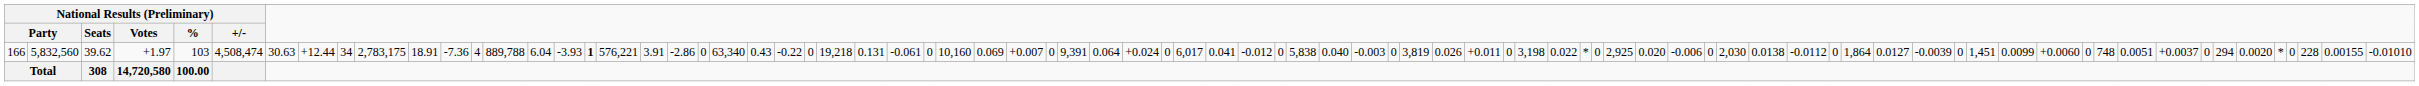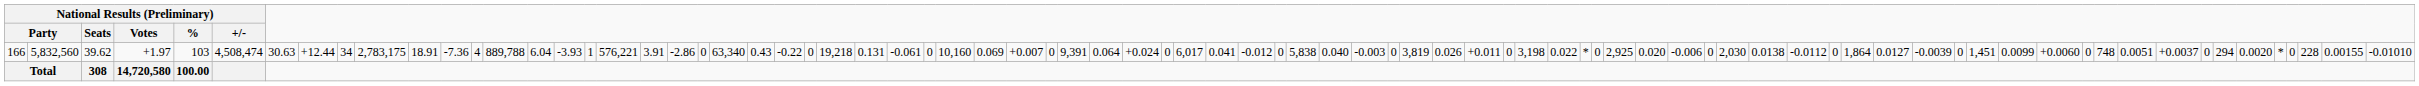 <table class="wikitable">
 <tr>
 <th colspan=6>National Results (Preliminary)</th>
 </tr>
 <tr>
 <th colspan=2>Party</th>
 <th>Seats</th>
 <th>Votes</th>
 <th>%</th>
 <th>+/-</th>
 </tr>
 <tr>
 <td align="right">166</td>
 <td align="right">5,832,560</td>
 <td align="right">39.62</td>
 <td align="right">+1.97<br></td>
 <td align="right">103</td>
 <td align="right">4,508,474</td>
 <td align="right">30.63</td>
 <td align="right">+12.44<br></td>
 <td align="right">34</td>
 <td align="right">2,783,175</td>
 <td align="right">18.91</td>
 <td align="right">-7.36<br></td>
 <td align="right">4</td>
 <td align="right">889,788</td>
 <td align="right">6.04</td>
 <td align="right">-3.93<br></td>
-<td align="right"><strong>1</strong></td>
+<td align="right">1</td>
 <td align="right">576,221</td>
 <td align="right">3.91</td>
 <td align="right">-2.86<br></td>
 <td align="right">0</td>
 <td align="right">63,340</td>
 <td align="right">0.43</td>
 <td align="right">-0.22<br></td>
 <td align="right">0</td>
 <td align="right">19,218</td>
 <td align="right">0.131</td>
 <td align="right">-0.061<br></td>
 <td align="right">0</td>
 <td align="right">10,160</td>
 <td align="right">0.069</td>
 <td align="right">+0.007<br></td>
 <td align="right">0</td>
 <td align="right">9,391</td>
 <td align="right">0.064</td>
 <td align="right">+0.024<br></td>
 <td align="right">0</td>
 <td align="right">6,017</td>
 <td align="right">0.041</td>
 <td align="right">-0.012<br></td>
 <td align="right">0</td>
 <td align="right">5,838</td>
 <td align="right">0.040</td>
 <td align="right">-0.003<br></td>
 <td align="right">0</td>
 <td align="right">3,819</td>
 <td align="right">0.026</td>
 <td align="right">+0.011<br></td>
 <td align="right">0</td>
 <td align="right">3,198</td>
 <td align="right">0.022</td>
 <td align="right">*<br></td>
 <td align="right">0</td>
 <td align="right">2,925</td>
 <td align="right">0.020</td>
 <td align="right">-0.006<br></td>
 <td align="right">0</td>
 <td align="right">2,030</td>
 <td align="right">0.0138</td>
 <td align="right">-0.0112<br></td>
 <td align="right">0</td>
 <td align="right">1,864</td>
 <td align="right">0.0127</td>
 <td align="right">-0.0039<br></td>
 <td align="right">0</td>
 <td align="right">1,451</td>
 <td align="right">0.0099</td>
 <td align="right">+0.0060<br></td>
 <td align="right">0</td>
 <td align="right">748</td>
 <td align="right">0.0051</td>
 <td align="right">+0.0037<br></td>
 <td align="right">0</td>
 <td align="right">294</td>
 <td align="right">0.0020</td>
 <td align="right">*<br></td>
 <td align="right">0</td>
 <td align="right">228</td>
 <td align="right">0.00155</td>
 <td align="right">-0.01010</td>
 </tr>
 <tr>
 <th colspan=2>Total</th>
 <th><strong>308</strong></th>
 <th><strong>14,720,580</strong></th>
 <th><strong>100.00</strong></th>
 <th></th>
 </tr>
 </table>
